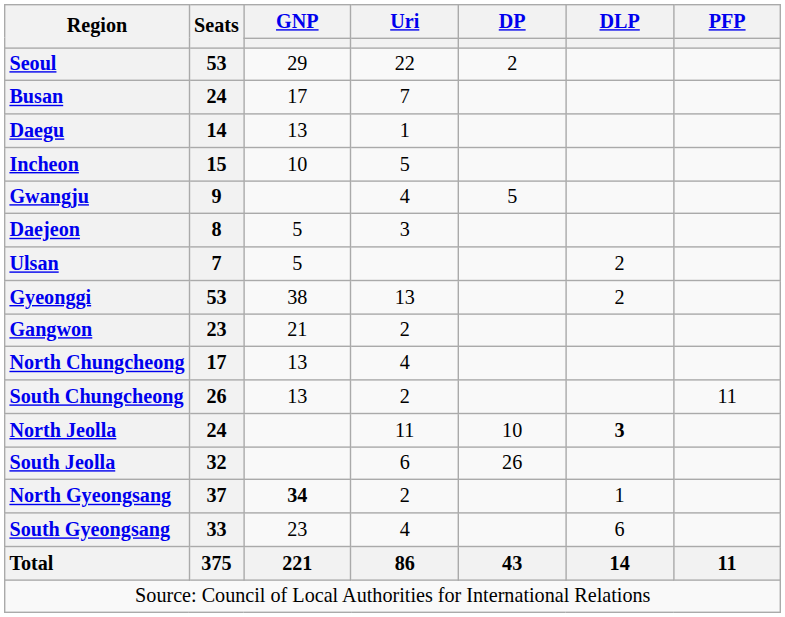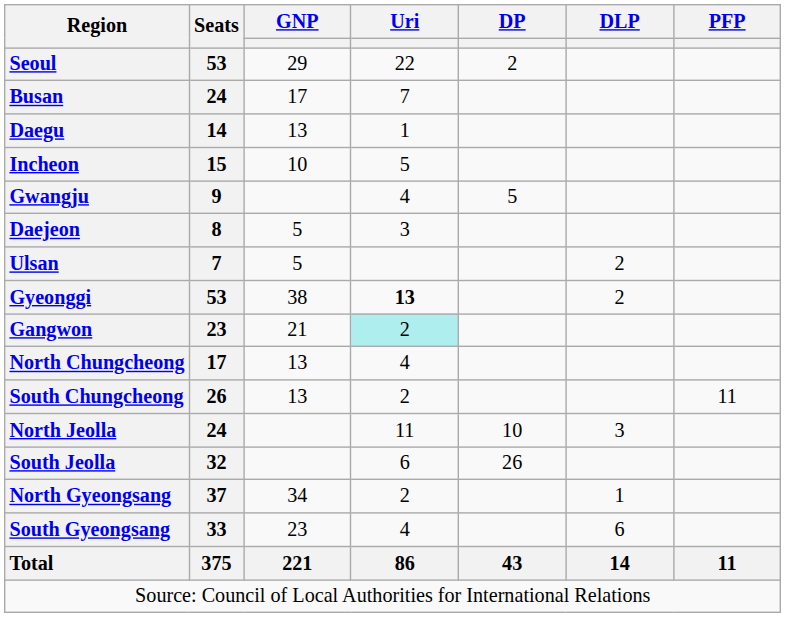 <table class="wikitable" style="text-align:center; font-size: 0.9em;">
 <tr>
 <th rowspan="2">Region</th>
 <th rowspan="2">Seats</th>
 <th class="unsortable" style="width:70px;"><a href='#'>GNP</a></th>
 <th class="unsortable" style="width:70px;"><a href='#'>Uri</a></th>
 <th class="unsortable" style="width:70px;"><a href='#'>DP</a></th>
 <th class="unsortable" style="width:70px;"><a href='#'>DLP</a></th>
 <th class="unsortable" style="width:70px;"><a href='#'>PFP</a></th>
 </tr>
 <tr>
 <th style="background:"></th>
 <th style="background:"></th>
 <th style="background:"></th>
 <th style="background:"></th>
 <th style="background:"></th>
 </tr>
 <tr>
 <th style="text-align: left;"><a href='#'>Seoul</a></th>
 <th>53</th>
 <td>29</td>
 <td>22</td>
 <td>2</td>
 <td></td>
 <td></td>
 </tr>
 <tr>
 <th style="text-align: left;"><a href='#'>Busan</a></th>
 <th>24</th>
 <td>17</td>
 <td>7</td>
 <td></td>
 <td></td>
 <td></td>
 </tr>
 <tr>
 <th style="text-align: left;"><a href='#'>Daegu</a></th>
 <th>14</th>
 <td>13</td>
 <td>1</td>
 <td></td>
 <td></td>
 <td></td>
 </tr>
 <tr>
 <th style="text-align: left;"><a href='#'>Incheon</a></th>
 <th>15</th>
 <td>10</td>
 <td>5</td>
 <td></td>
 <td></td>
 <td></td>
 </tr>
 <tr>
 <th style="text-align: left;"><a href='#'>Gwangju</a></th>
 <th>9</th>
 <td></td>
 <td>4</td>
 <td>5</td>
 <td></td>
 <td></td>
 </tr>
 <tr>
 <th style="text-align: left;"><a href='#'>Daejeon</a></th>
 <th>8</th>
 <td>5</td>
 <td>3</td>
 <td></td>
 <td></td>
 <td></td>
 </tr>
 <tr>
 <th style="text-align: left;"><a href='#'>Ulsan</a></th>
 <th>7</th>
 <td>5</td>
 <td></td>
 <td></td>
 <td>2</td>
 <td></td>
 </tr>
 <tr>
 <th style="text-align: left;"><a href='#'>Gyeonggi</a></th>
 <th>53</th>
 <td>38</td>
-<td>13</td>
+<td><strong>13</strong></td>
 <td></td>
 <td>2</td>
 <td></td>
 </tr>
 <tr>
 <th style="text-align: left;"><a href='#'>Gangwon</a></th>
 <th>23</th>
 <td>21</td>
-<td>2</td>
+<td style="background: paleturquoise;">2</td>
 <td></td>
 <td></td>
 <td></td>
 </tr>
 <tr>
 <th style="text-align: left;"><a href='#'>North Chungcheong</a></th>
 <th>17</th>
 <td>13</td>
 <td>4</td>
 <td></td>
 <td></td>
 <td></td>
 </tr>
 <tr>
 <th style="text-align: left;"><a href='#'>South Chungcheong</a></th>
 <th>26</th>
 <td>13</td>
 <td>2</td>
 <td></td>
 <td></td>
 <td>11</td>
 </tr>
 <tr>
 <th style="text-align: left;"><a href='#'>North Jeolla</a></th>
 <th>24</th>
 <td></td>
 <td>11</td>
 <td>10</td>
-<td><strong>3</strong></td>
+<td>3</td>
 <td></td>
 </tr>
 <tr>
 <th style="text-align: left;"><a href='#'>South Jeolla</a></th>
 <th>32</th>
 <td></td>
 <td>6</td>
 <td>26</td>
 <td></td>
 <td></td>
 </tr>
 <tr>
 <th style="text-align: left;"><a href='#'>North Gyeongsang</a></th>
 <th>37</th>
-<td><strong>34</strong></td>
+<td>34</td>
 <td>2</td>
 <td></td>
 <td>1</td>
 <td></td>
 </tr>
 <tr>
 <th style="text-align: left;"><a href='#'>South Gyeongsang</a></th>
 <th>33</th>
 <td>23</td>
 <td>4</td>
 <td></td>
 <td>6</td>
 <td></td>
 </tr>
 <tr class="sortbottom">
 <th style="text-align: left;">Total</th>
 <th>375</th>
 <th>221</th>
 <th>86</th>
 <th>43</th>
 <th>14</th>
 <th>11</th>
 </tr>
 <tr>
 <td colspan="7">Source: Council of Local Authorities for International Relations</td>
 </tr>
 </table>
